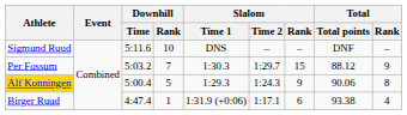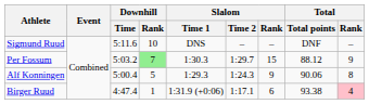 <table class="wikitable" style="font-size:90%">
 <tr>
 <th rowspan="2">Athlete</th>
 <th rowspan="2">Event</th>
 <th colspan="2">Downhill</th>
 <th colspan="3">Slalom</th>
 <th colspan="2">Total</th>
 </tr>
 <tr>
 <th>Time</th>
 <th>Rank</th>
 <th>Time 1</th>
 <th>Time 2</th>
 <th>Rank</th>
 <th>Total points</th>
 <th>Rank</th>
 </tr>
 <tr>
 <td><a href='#'>Sigmund Ruud</a></td>
 <td rowspan="4">Combined</td>
 <td align="center">5:11.6</td>
 <td align="center">10</td>
 <td align="center">DNS</td>
 <td align="center">–</td>
 <td align="center">–</td>
 <td align="center">DNF</td>
 <td align="center">–</td>
 </tr>
 <tr>
 <td><a href='#'>Per Fossum</a></td>
 <td align="center">5:03.2</td>
-<td align="center">7</td>
+<td align="center" style="background: lightgreen;">7</td>
 <td align="center">1:30.3</td>
 <td align="center">1:29.7</td>
 <td align="center">15</td>
 <td align="center">88.12</td>
 <td align="center">9</td>
 </tr>
 <tr>
-<td style="background: gold;"><a href='#'>Alf Konningen</a></td>
+<td><a href='#'>Alf Konningen</a></td>
 <td align="center">5:00.4</td>
 <td align="center">5</td>
 <td align="center">1:29.3</td>
 <td align="center">1:24.3</td>
 <td align="center">9</td>
 <td align="center">90.06</td>
 <td align="center">8</td>
 </tr>
 <tr>
 <td><a href='#'>Birger Ruud</a></td>
 <td align="center">4:47.4</td>
 <td align="center">1</td>
 <td align="center">1:31.9 (+0:06)</td>
 <td align="center">1:17.1</td>
 <td align="center">6</td>
 <td align="center">93.38</td>
-<td align="center">4</td>
+<td align="center" style="background: pink;">4</td>
 </tr>
 </table>
